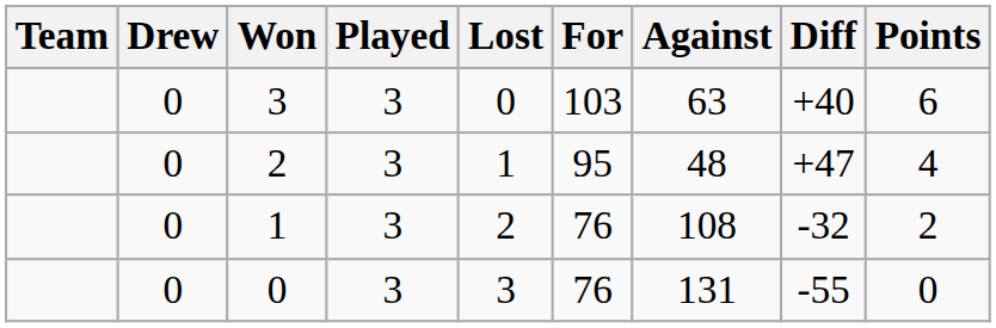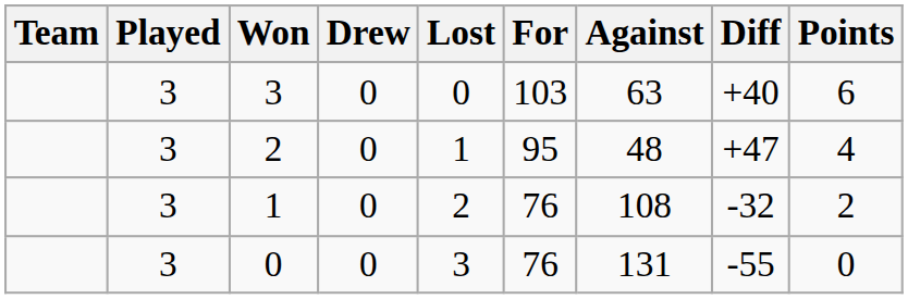 <table class="wikitable" style="text-align:center">
 <tr>
 <th>Team</th>
+<th>Played</th>
+<th>Won</th>
 <th>Drew</th>
-<th>Won</th>
-<th>Played</th>
 <th>Lost</th>
 <th>For</th>
 <th>Against</th>
 <th>Diff</th>
 <th>Points</th>
 </tr>
 <tr>
 <td align=left></td>
-<td>0</td>
 <td>3</td>
 <td>3</td>
+<td>0</td>
 <td>0</td>
 <td>103</td>
 <td>63</td>
 <td>+40</td>
 <td>6</td>
 </tr>
 <tr>
 <td align=left></td>
+<td>3</td>
+<td>2</td>
 <td>0</td>
-<td>2</td>
-<td>3</td>
 <td>1</td>
 <td>95</td>
 <td>48</td>
 <td>+47</td>
 <td>4</td>
 </tr>
 <tr>
 <td align=left></td>
+<td>3</td>
+<td>1</td>
 <td>0</td>
-<td>1</td>
-<td>3</td>
 <td>2</td>
 <td>76</td>
 <td>108</td>
 <td>-32</td>
 <td>2</td>
 </tr>
 <tr>
 <td align=left></td>
+<td>3</td>
 <td>0</td>
 <td>0</td>
-<td>3</td>
 <td>3</td>
 <td>76</td>
 <td>131</td>
 <td>-55</td>
 <td>0</td>
 </tr>
 </table>
